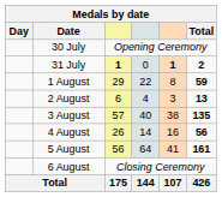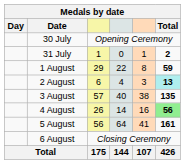 <table class="wikitable" style="font-size:90%; text-align:center;">
 <tr style="background:#efefef;">
 <th colspan=6>Medals by date</th>
 </tr>
 <tr>
 <th width=30>Day</th>
 <th width=90>Date</th>
 <th width=30 style="background:#F7F6A8;"></th>
 <th width=30 style="background:#DCE5E5;"></th>
 <th width=30 style="background:#FFDAB9;"></th>
 <th width=30>Total</th>
 </tr>
 <tr>
 <td></td>
 <td>30 July</td>
 <td colspan="4" style="text-align:left center ;"> <em>Opening Ceremony</em></td>
 </tr>
 <tr>
 <td></td>
 <td>31 July</td>
-<td style="background:#F7F6A8;"><strong>1</strong></td>
+<td style="background:#F7F6A8;">1</td>
 <td style="background:#DCE5E5;">0</td>
-<td style="background:#FFDAB9;"><strong>1</strong></td>
+<td style="background:#FFDAB9;">1</td>
 <td><strong>2</strong></td>
 </tr>
 <tr>
 <td></td>
 <td>1 August</td>
 <td style="background:#F7F6A8;">29</td>
 <td style="background:#DCE5E5;">22</td>
 <td style="background:#FFDAB9;">8</td>
 <td><strong>59</strong></td>
 </tr>
 <tr>
 <td></td>
 <td>2 August</td>
 <td style="background:#F7F6A8;">6</td>
 <td style="background:#DCE5E5;">4</td>
 <td style="background:#FFDAB9;">3</td>
-<td><strong>13</strong></td>
+<td style="background: paleturquoise;"><strong>13</strong></td>
 </tr>
 <tr>
 <td></td>
 <td>3 August</td>
 <td style="background:#F7F6A8;">57</td>
 <td style="background:#DCE5E5;">40</td>
 <td style="background:#FFDAB9;">38</td>
 <td><strong>135</strong></td>
 </tr>
 <tr>
 <td></td>
 <td>4 August</td>
 <td style="background:#F7F6A8;">26</td>
 <td style="background:#DCE5E5;">14</td>
 <td style="background:#FFDAB9;">16</td>
-<td><strong>56</strong></td>
+<td style="background: lightgreen;"><strong>56</strong></td>
 </tr>
 <tr>
 <td></td>
 <td>5 August</td>
 <td style="background:#F7F6A8;">56</td>
 <td style="background:#DCE5E5;">64</td>
 <td style="background:#FFDAB9;">41</td>
 <td><strong>161</strong></td>
 </tr>
 <tr>
 <td></td>
 <td>6 August</td>
 <td colspan="4" style="text-align:left center ;"> <em>Closing Ceremony</em></td>
 </tr>
 <tr>
 <th colspan="2">Total</th>
 <th>175</th>
 <th>144</th>
 <th>107</th>
 <th>426</th>
 </tr>
 </table>
